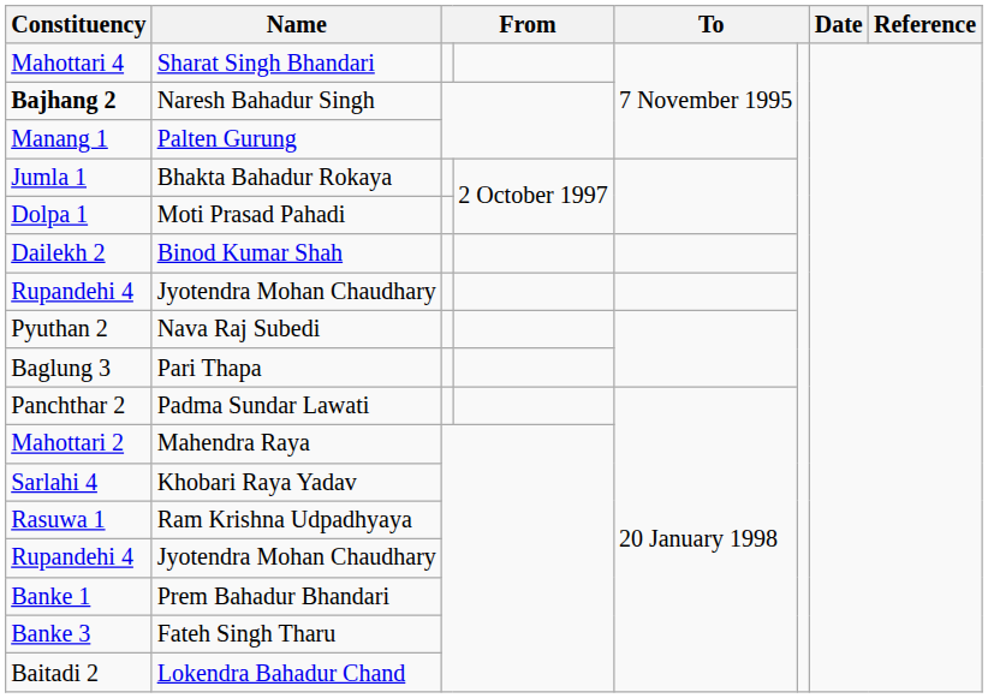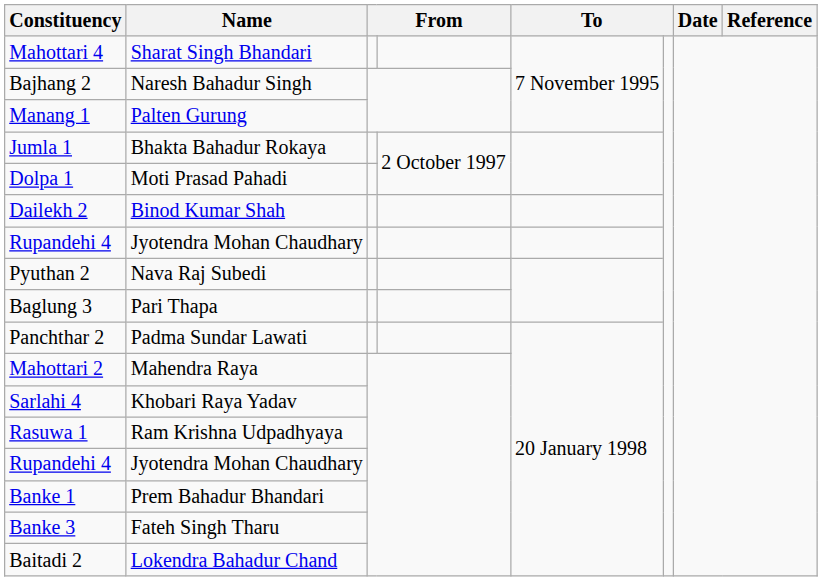 <table class="wikitable">
 <tr>
 <th>Constituency</th>
 <th>Name</th>
 <th colspan="2">From</th>
 <th colspan="2">To</th>
 <th>Date</th>
 <th>Reference</th>
 </tr>
 <tr>
 <td><a href='#'>Mahottari 4</a></td>
 <td><a href='#'>Sharat Singh Bhandari</a></td>
 <td></td>
 <td></td>
 <td rowspan="3">7 November 1995</td>
 <td rowspan="17"></td>
 </tr>
 <tr>
-<td><strong>Bajhang 2</strong></td>
+<td>Bajhang 2</td>
 <td>Naresh Bahadur Singh</td>
 </tr>
 <tr>
 <td><a href='#'>Manang 1</a></td>
 <td><a href='#'>Palten Gurung</a></td>
 </tr>
 <tr>
 <td><a href='#'>Jumla 1</a></td>
 <td>Bhakta Bahadur Rokaya</td>
 <td></td>
 <td rowspan="2">2 October 1997</td>
 </tr>
 <tr>
 <td><a href='#'>Dolpa 1</a></td>
 <td>Moti Prasad Pahadi</td>
 <td></td>
 </tr>
 <tr>
 <td><a href='#'>Dailekh 2</a></td>
 <td><a href='#'>Binod Kumar Shah</a></td>
 <td></td>
 <td></td>
 <td></td>
 </tr>
 <tr>
 <td><a href='#'>Rupandehi 4</a></td>
 <td>Jyotendra Mohan Chaudhary</td>
 <td></td>
 <td></td>
 <td></td>
 </tr>
 <tr>
 <td>Pyuthan 2</td>
 <td>Nava Raj Subedi</td>
 <td></td>
 <td></td>
 </tr>
 <tr>
 <td>Baglung 3</td>
 <td>Pari Thapa</td>
 <td></td>
 <td></td>
 </tr>
 <tr>
 <td>Panchthar 2</td>
 <td>Padma Sundar Lawati</td>
 <td></td>
 <td></td>
 <td rowspan="8">20 January 1998</td>
 </tr>
 <tr>
 <td><a href='#'>Mahottari 2</a></td>
 <td>Mahendra Raya</td>
 </tr>
 <tr>
 <td><a href='#'>Sarlahi 4</a></td>
 <td>Khobari Raya Yadav</td>
 </tr>
 <tr>
 <td><a href='#'>Rasuwa 1</a></td>
 <td>Ram Krishna Udpadhyaya</td>
 </tr>
 <tr>
 <td><a href='#'>Rupandehi 4</a></td>
 <td>Jyotendra Mohan Chaudhary</td>
 </tr>
 <tr>
 <td><a href='#'>Banke 1</a></td>
 <td>Prem Bahadur Bhandari</td>
 </tr>
 <tr>
 <td><a href='#'>Banke 3</a></td>
 <td>Fateh Singh Tharu</td>
 </tr>
 <tr>
 <td>Baitadi 2</td>
 <td><a href='#'>Lokendra Bahadur Chand</a></td>
 </tr>
 </table>
